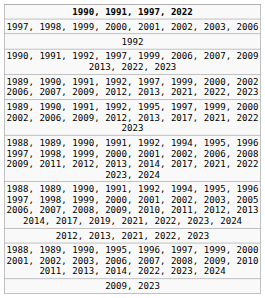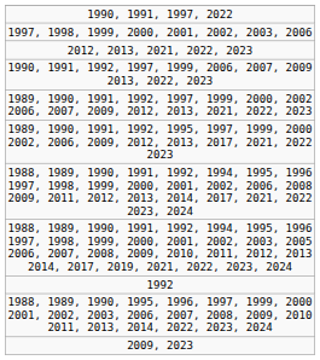 <table class="wikitable" style="text-align:center;">
 <tr>
 </tr>
 <tr>
-<td><strong>1990, 1991, 1997, 2022<br></strong></td>
+<td>1990, 1991, 1997, 2022<br></td>
 </tr>
 <tr>
 <td>1997, 1998, 1999, 2000, 2001, 2002, 2003, 2006</td>
 </tr>
 <tr>
-<td>1992<br></td>
+<td>2012, 2013, 2021, 2022, 2023<br></td>
 </tr>
 <tr>
 <td>1990, 1991, 1992, 1997, 1999, 2006, 2007, 2009 <br> 2013, 2022, 2023<br></td>
 </tr>
 <tr>
 <td>1989, 1990, 1991, 1992, 1997, 1999, 2000, 2002<br> 2006, 2007, 2009, 2012, 2013, 2021, 2022, 2023<br></td>
 </tr>
 <tr>
 <td>1989, 1990, 1991, 1992, 1995, 1997, 1999, 2000<br> 2002, 2006, 2009, 2012, 2013, 2017, 2021, 2022<br> 2023<br></td>
 </tr>
 <tr>
 <td>1988, 1989, 1990, 1991, 1992, 1994, 1995, 1996<br>1997, 1998, 1999, 2000, 2001, 2002, 2006, 2008<br> 2009, 2011, 2012, 2013, 2014, 2017, 2021, 2022<br> 2023, 2024<br></td>
 </tr>
 <tr>
 <td>1988, 1989, 1990, 1991, 1992, 1994, 1995, 1996 <br> 1997, 1998, 1999, 2000, 2001, 2002, 2003, 2005<br> 2006, 2007, 2008, 2009, 2010, 2011, 2012, 2013<br> 2014, 2017, 2019, 2021, 2022, 2023, 2024<br></td>
 </tr>
 <tr>
-<td>2012, 2013, 2021, 2022, 2023<br></td>
+<td>1992<br></td>
 </tr>
 <tr>
 <td>1988, 1989, 1990, 1995, 1996, 1997, 1999, 2000<br> 2001, 2002, 2003, 2006, 2007, 2008, 2009, 2010<br> 2011, 2013, 2014, 2022, 2023, 2024<br></td>
 </tr>
 <tr>
 <td>2009, 2023<br></td>
 </tr>
 </table>
